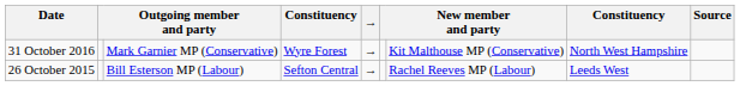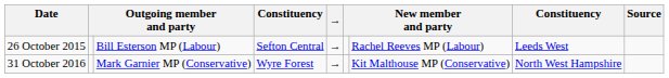 <table class="wikitable">
 <tr>
 <th valign="top">Date</th>
 <th colspan="2" valign="top">Outgoing member<br>and party</th>
 <th valign="top">Constituency</th>
 <th>→</th>
 <th colspan="2" valign="top">New member<br>and party</th>
 <th valign="top">Constituency</th>
 <th valign="top">Source</th>
+</tr>
+<tr>
+<td nowrap>26 October 2015</td>
+<td style="color:inherit;background:"></td>
+<td><a href='#'>Bill Esterson</a> MP (<a href='#'>Labour</a>)</td>
+<td><a href='#'>Sefton Central</a></td>
+<td>→</td>
+<td style="color:inherit;background:"></td>
+<td><a href='#'>Rachel Reeves</a> MP (<a href='#'>Labour</a>)</td>
+<td><a href='#'>Leeds West</a></td>
+<td></td>
 </tr>
 <tr>
 <td nowrap>31 October 2016</td>
 <td style="color:inherit;background:"></td>
 <td><a href='#'>Mark Garnier</a> MP (<a href='#'>Conservative</a>)</td>
 <td><a href='#'>Wyre Forest</a></td>
 <td>→</td>
 <td style="color:inherit;background:"></td>
 <td><a href='#'>Kit Malthouse</a> MP (<a href='#'>Conservative</a>)</td>
 <td><a href='#'>North West Hampshire</a></td>
 <td></td>
 </tr>
-<tr>
-<td nowrap>26 October 2015</td>
-<td style="color:inherit;background:"></td>
-<td><a href='#'>Bill Esterson</a> MP (<a href='#'>Labour</a>)</td>
-<td><a href='#'>Sefton Central</a></td>
-<td>→</td>
-<td style="color:inherit;background:"></td>
-<td><a href='#'>Rachel Reeves</a> MP (<a href='#'>Labour</a>)</td>
-<td><a href='#'>Leeds West</a></td>
-<td></td>
-</tr>
 </table>
